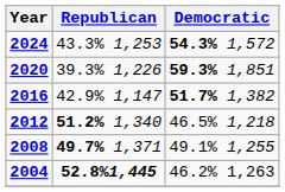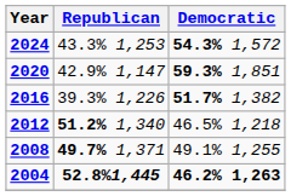 <table class="wikitable" style="float:right; margin: 1em 1em 1em 0; font-size: 95%;">
 <tr>
 <th>Year</th>
 <th><a href='#'>Republican</a></th>
 <th><a href='#'>Democratic</a></th>
 </tr>
 <tr>
 <td style="text-align:center; "><strong><a href='#'>2024</a></strong></td>
 <td style="text-align:center; ">43.3% <em>1,253</em></td>
 <td style="text-align:center; "><strong>54.3%</strong> <em>1,572</em></td>
 </tr>
 <tr>
 <td style="text-align:center; "><strong><a href='#'>2020</a></strong></td>
-<td style="text-align:center; ">39.3% <em>1,226</em></td>
+<td style="text-align:center; ">42.9% <em>1,147</em></td>
 <td style="text-align:center; "><strong>59.3%</strong>  <em>1,851</em></td>
 </tr>
 <tr>
 <td style="text-align:center; "><strong><a href='#'>2016</a></strong></td>
-<td style="text-align:center; ">42.9% <em>1,147</em></td>
+<td style="text-align:center; ">39.3% <em>1,226</em></td>
 <td style="text-align:center; "><strong>51.7%</strong>  <em>1,382</em></td>
 </tr>
 <tr>
 <td style="text-align:center; "><strong><a href='#'>2012</a></strong></td>
 <td style="text-align:center; "><strong>51.2%</strong> <em>1,340</em></td>
 <td style="text-align:center; ">46.5%  <em>1,218</em></td>
 </tr>
 <tr>
 <td style="text-align:center; "><strong><a href='#'>2008</a></strong></td>
 <td style="text-align:center; "><strong>49.7%</strong> <em>1,371</em></td>
 <td style="text-align:center; ">49.1%  <em>1,255</em></td>
 </tr>
 <tr>
 <td style="text-align:center; "><strong><a href='#'>2004</a></strong></td>
 <td style="text-align:center; "><strong>52.8%<strong><em>1,445<em></td>
-<td style="text-align:center; ">46.2% </em>1,263<em></td>
+<td style="text-align:center; "><strong>46.2% </em>1,263<em></strong></td>
 </tr>
 <tr>
 </tr>
 </table>
